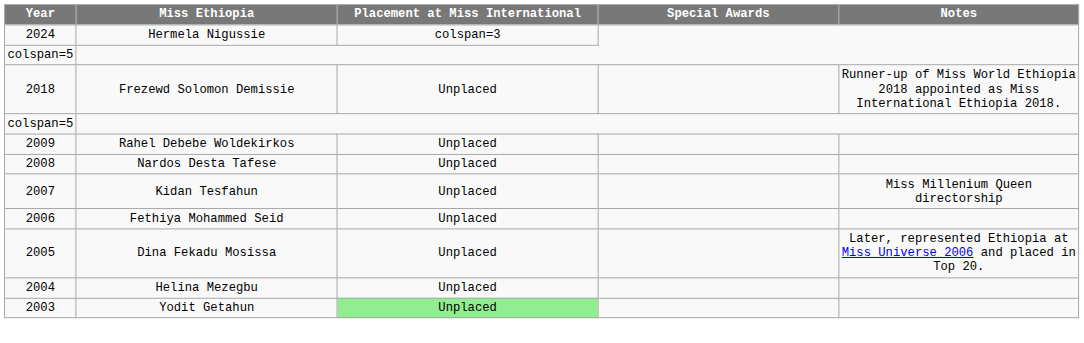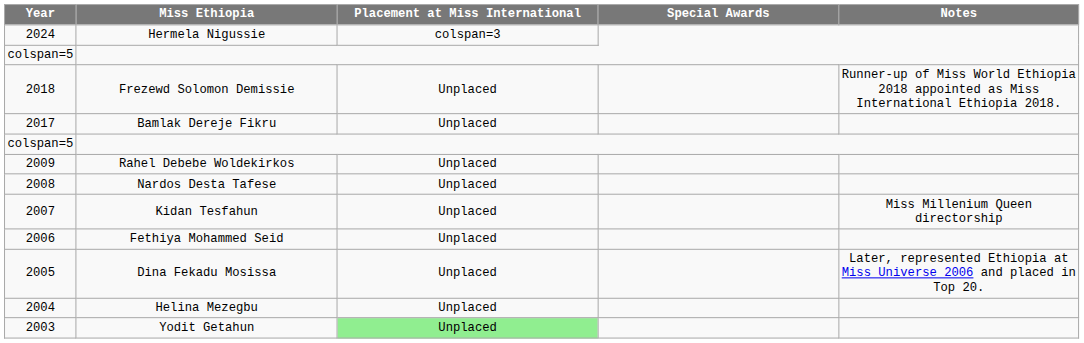 <table class="wikitable" style="font-size: 92%; text-align:center">
 <tr>
 <th width="60" style="background-color:#787878;color:#FFFFFF;">Year</th>
 <th width="250" style="background-color:#787878;color:#FFFFFF;">Miss Ethiopia</th>
 <th width="250" style="background-color:#787878;color:#FFFFFF;">Placement at Miss International</th>
 <th width="230" style="background-color:#787878;color:#FFFFFF;">Special Awards</th>
 <th width="230" style="background-color:#787878;color:#FFFFFF;">Notes</th>
 </tr>
 <tr>
 <td>2024</td>
 <td>Hermela Nigussie</td>
 <td>colspan=3 </td>
 </tr>
 <tr>
 <td>colspan=5 </td>
 </tr>
 <tr>
 <td>2018</td>
 <td>Frezewd Solomon Demissie</td>
 <td>Unplaced</td>
 <td></td>
 <td>Runner-up of Miss World Ethiopia 2018 appointed as Miss International Ethiopia 2018.</td>
+</tr>
+<tr>
+<td>2017</td>
+<td>Bamlak Dereje Fikru</td>
+<td>Unplaced</td>
+<td></td>
+<td></td>
 </tr>
 <tr>
 <td>colspan=5 </td>
 </tr>
 <tr>
 <td>2009</td>
 <td>Rahel Debebe Woldekirkos</td>
 <td>Unplaced</td>
 <td></td>
 <td></td>
 </tr>
 <tr>
 <td>2008</td>
 <td>Nardos Desta Tafese</td>
 <td>Unplaced</td>
 <td></td>
 <td></td>
 </tr>
 <tr>
 <td>2007</td>
 <td>Kidan Tesfahun</td>
 <td>Unplaced</td>
 <td></td>
 <td>Miss Millenium Queen directorship</td>
 </tr>
 <tr>
 <td>2006</td>
 <td>Fethiya Mohammed Seid</td>
 <td>Unplaced</td>
 <td></td>
 <td></td>
 </tr>
 <tr>
 <td>2005</td>
 <td>Dina Fekadu Mosissa</td>
 <td>Unplaced</td>
 <td></td>
 <td>Later, represented Ethiopia at <a href='#'>Miss Universe 2006</a> and placed in Top 20.</td>
 </tr>
 <tr>
 <td>2004</td>
 <td>Helina Mezegbu</td>
 <td>Unplaced</td>
 <td></td>
 <td></td>
 </tr>
 <tr>
 <td>2003</td>
 <td>Yodit Getahun</td>
 <td style="background: lightgreen;">Unplaced</td>
 <td></td>
 <td></td>
 </tr>
 </table>
